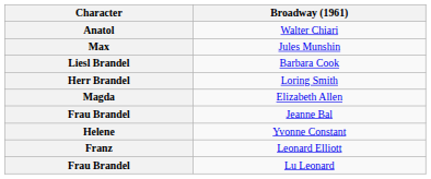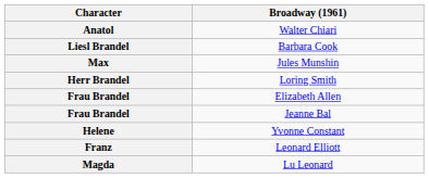 <table class="wikitable" style="width:50%; text-align:center">
 <tr>
 <th scope="col">Character</th>
 <th>Broadway (1961)</th>
 </tr>
 <tr>
 <th>Anatol</th>
 <td colspan="1"><a href='#'>Walter Chiari</a></td>
 </tr>
 <tr>
+<th>Liesl Brandel</th>
+<td colspan="1”"><a href='#'>Barbara Cook</a></td>
+</tr>
+<tr>
 <th>Max</th>
 <td colspan="1”"><a href='#'>Jules Munshin</a></td>
-</tr>
-<tr>
-<th>Liesl Brandel</th>
-<td colspan="1”"><a href='#'>Barbara Cook</a></td>
 </tr>
 <tr>
 <th>Herr Brandel</th>
 <td colspan="1"><a href='#'>Loring Smith</a></td>
 </tr>
 <tr>
-<th>Magda</th>
+<th>Frau Brandel</th>
 <td colspan="1"><a href='#'>Elizabeth Allen</a></td>
 </tr>
 <tr>
 <th>Frau Brandel</th>
 <td colspan="1"><a href='#'>Jeanne Bal</a></td>
 </tr>
 <tr>
 <th>Helene</th>
 <td colspan="1"><a href='#'>Yvonne Constant</a></td>
 </tr>
 <tr>
 <th>Franz</th>
 <td colspan="1"><a href='#'>Leonard Elliott</a></td>
 </tr>
 <tr>
-<th>Frau Brandel</th>
+<th>Magda</th>
 <td colspan="1"><a href='#'>Lu Leonard</a></td>
 </tr>
 </table>
